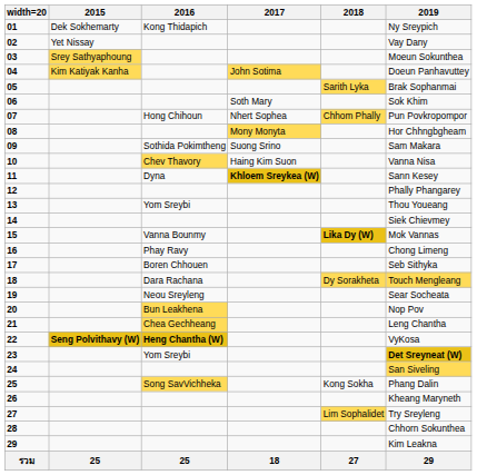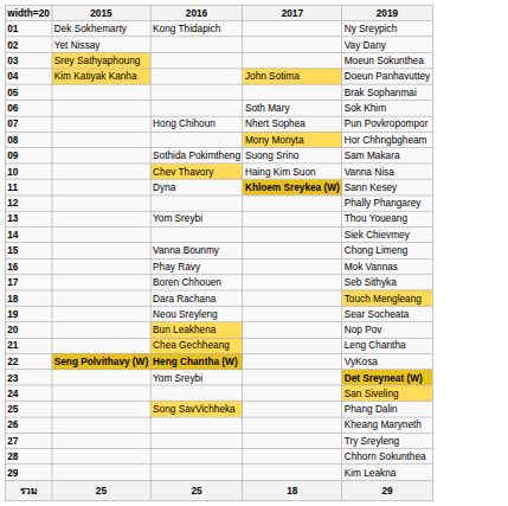 <table class="wikitable" style="font-size: 82%";>
 <tr>
 <th>width=20 </th>
 <th>2015</th>
 <th>2016</th>
 <th>2017</th>
-<th>2018</th>
 <th>2019</th>
 </tr>
 <tr>
 <td><strong>01</strong></td>
 <td>Dek Sokhemarty</td>
 <td>Kong Thidapich</td>
 <td></td>
-<td></td>
 <td>Ny Sreypich</td>
 </tr>
 <tr>
 <td><strong>02</strong></td>
 <td>Yet Nissay</td>
-<td></td>
 <td></td>
 <td></td>
 <td>Vay Dany</td>
 </tr>
 <tr>
 <td><strong>03</strong></td>
 <td bgcolor="#FFDB58">Srey Sathyaphoung</td>
 <td></td>
 <td></td>
-<td></td>
 <td>Moeun Sokunthea</td>
 </tr>
 <tr>
 <td><strong>04</strong></td>
 <td bgcolor="#FFDB58">Kim Katiyak Kanha</td>
 <td></td>
 <td bgcolor="#FFDB58">John Sotima</td>
-<td></td>
 <td>Doeun Panhavuttey</td>
 </tr>
 <tr>
 <td><strong>05</strong></td>
 <td></td>
 <td></td>
 <td></td>
-<td bgcolor="#FFDB58">Sarith Lyka</td>
 <td>Brak Sophanmai</td>
 </tr>
 <tr>
 <td><strong>06</strong></td>
 <td></td>
 <td></td>
 <td>Soth Mary</td>
-<td></td>
 <td>Sok Khim</td>
 </tr>
 <tr>
 <td><strong>07</strong></td>
 <td></td>
 <td>Hong Chihoun</td>
 <td>Nhert Sophea</td>
-<td bgcolor="#FFDB58">Chhom Phally</td>
 <td>Pun Povkropompor</td>
 </tr>
 <tr>
 <td><strong>08</strong></td>
 <td></td>
 <td></td>
 <td bgcolor="#FFDB58">Mony Monyta</td>
-<td></td>
 <td>Hor Chhngbgheam</td>
 </tr>
 <tr>
 <td><strong>09</strong></td>
 <td></td>
 <td>Sothida Pokimtheng</td>
 <td>Suong Srino</td>
-<td></td>
 <td>Sam Makara</td>
 </tr>
 <tr>
 <td><strong>10</strong></td>
 <td></td>
 <td bgcolor="#FFDB58">Chev Thavory</td>
 <td>Haing Kim Suon</td>
-<td></td>
 <td>Vanna Nisa</td>
 </tr>
 <tr>
 <td><strong>11</strong></td>
 <td></td>
 <td>Dyna</td>
 <td bgcolor="#EAC117"><strong>Khloem Sreykea (W)</strong></td>
-<td></td>
 <td>Sann Kesey</td>
 </tr>
 <tr>
 <td><strong>12</strong></td>
-<td></td>
 <td></td>
 <td></td>
 <td></td>
 <td>Phally Phangarey</td>
 </tr>
 <tr>
 <td><strong>13</strong></td>
 <td></td>
 <td>Yom Sreybi</td>
 <td></td>
-<td></td>
 <td>Thou Youeang</td>
 </tr>
 <tr>
 <td><strong>14</strong></td>
-<td></td>
 <td></td>
 <td></td>
 <td></td>
 <td>Siek Chievmey</td>
 </tr>
 <tr>
 <td><strong>15</strong></td>
 <td></td>
 <td>Vanna Bounmy</td>
 <td></td>
-<td bgcolor="#EAC117"><strong>Lika Dy (W)</strong></td>
-<td>Mok Vannas</td>
+<td>Chong Limeng</td>
 </tr>
 <tr>
 <td><strong>16</strong></td>
 <td></td>
 <td>Phay Ravy</td>
 <td></td>
-<td></td>
-<td>Chong Limeng</td>
+<td>Mok Vannas</td>
 </tr>
 <tr>
 <td><strong>17</strong></td>
 <td></td>
 <td>Boren Chhouen</td>
-<td></td>
 <td></td>
 <td>Seb Sithyka</td>
 </tr>
 <tr>
 <td><strong>18</strong></td>
 <td></td>
 <td>Dara Rachana</td>
 <td></td>
-<td bgcolor="#FFDB58">Dy Sorakheta</td>
 <td bgcolor="#FFDB58">Touch Mengleang</td>
 </tr>
 <tr>
 <td><strong>19</strong></td>
 <td></td>
 <td>Neou Sreyleng</td>
-<td></td>
 <td></td>
 <td>Sear Socheata</td>
 </tr>
 <tr>
 <td><strong>20</strong></td>
 <td></td>
 <td bgcolor="#FFDB58">Bun Leakhena</td>
 <td></td>
-<td></td>
 <td>Nop Pov</td>
 </tr>
 <tr>
 <td><strong>21</strong></td>
 <td></td>
 <td bgcolor="#FFDB58">Chea Gechheang</td>
-<td></td>
 <td></td>
 <td>Leng Chantha</td>
 </tr>
 <tr>
 <td><strong>22</strong></td>
 <td bgcolor="#EAC117"><strong>Seng Polvithavy (W)</strong></td>
 <td bgcolor="#EAC117"><strong>Heng Chantha (W)</strong></td>
 <td></td>
-<td></td>
 <td>VyKosa</td>
 </tr>
 <tr>
 <td><strong>23</strong></td>
 <td></td>
 <td>Yom Sreybi</td>
 <td></td>
-<td></td>
 <td bgcolor="#EAC117"><strong>Det Sreyneat (W)</strong></td>
 </tr>
 <tr>
 <td><strong>24</strong></td>
-<td></td>
 <td></td>
 <td></td>
 <td></td>
 <td bgcolor="#FFDB58">San Siveling</td>
 </tr>
 <tr>
 <td><strong>25</strong></td>
 <td></td>
 <td bgcolor="#FFDB58">Song SavVichheka</td>
 <td></td>
-<td>Kong Sokha</td>
 <td>Phang Dalin</td>
 </tr>
 <tr>
 <td><strong>26</strong></td>
-<td></td>
 <td></td>
 <td></td>
 <td></td>
 <td>Kheang Maryneth</td>
 </tr>
 <tr>
 <td><strong>27</strong></td>
 <td></td>
 <td></td>
 <td></td>
-<td bgcolor="#FFDB58">Lim Sophalidet</td>
 <td>Try Sreyleng</td>
 </tr>
 <tr>
 <td><strong>28</strong></td>
-<td></td>
 <td></td>
 <td></td>
 <td></td>
 <td>Chhorn Sokunthea</td>
 </tr>
 <tr>
 <td><strong>29</strong></td>
 <td></td>
 <td></td>
 <td></td>
-<td></td>
 <td>Kim Leakna</td>
 </tr>
 <tr>
 <th>รวม</th>
 <th>25</th>
 <th>25</th>
 <th>18</th>
-<th>27</th>
 <th>29</th>
 </tr>
 </table>
